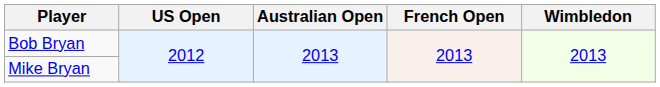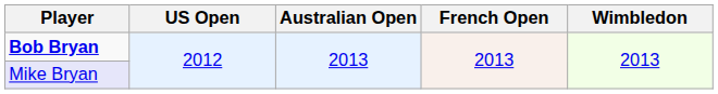 <table class="wikitable nowrap" style="text-align:center">
 <tr>
 <th width=105;>Player</th>
 <th width=124;>US Open</th>
 <th width=124;>Australian Open</th>
 <th width=124;>French Open</th>
 <th width=124;>Wimbledon</th>
 </tr>
 <tr>
-<td align=left> <a href='#'>Bob Bryan</a></td>
+<td align=left><strong> <a href='#'>Bob Bryan</a></strong></td>
 <td rowspan="2" bgcolor=#e6f2ff><a href='#'>2012</a></td>
 <td rowspan="2" bgcolor=#e6f2ff><a href='#'>2013</a></td>
 <td rowspan="2" bgcolor=#f9f0eb><a href='#'>2013</a></td>
 <td rowspan="2" bgcolor=#f2ffe6><a href='#'>2013</a></td>
 </tr>
 <tr>
-<td align=left> <a href='#'>Mike Bryan</a></td>
+<td align=left style="background: lavender;"> <a href='#'>Mike Bryan</a></td>
 </tr>
 </table>
